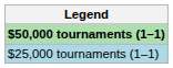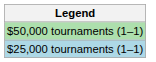 <table class=wikitable style=font-size:85%>
 <tr>
 <th>Legend</th>
 </tr>
 <tr style="background:#addfad;">
-<td><strong>$50,000 tournaments (1–1)</strong></td>
+<td>$50,000 tournaments (1–1)</td>
 </tr>
 <tr style="background:lightblue;">
 <td>$25,000 tournaments (1–1)</td>
 </tr>
 </table>
